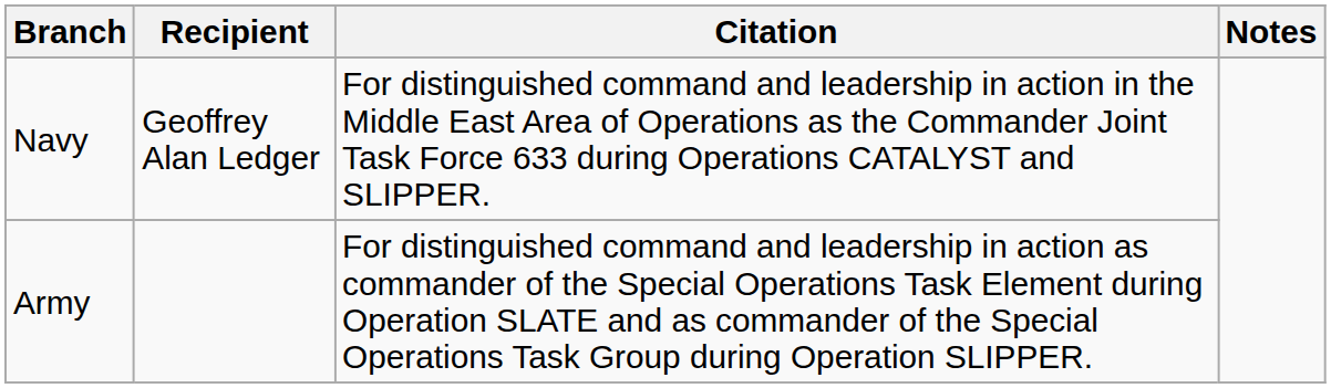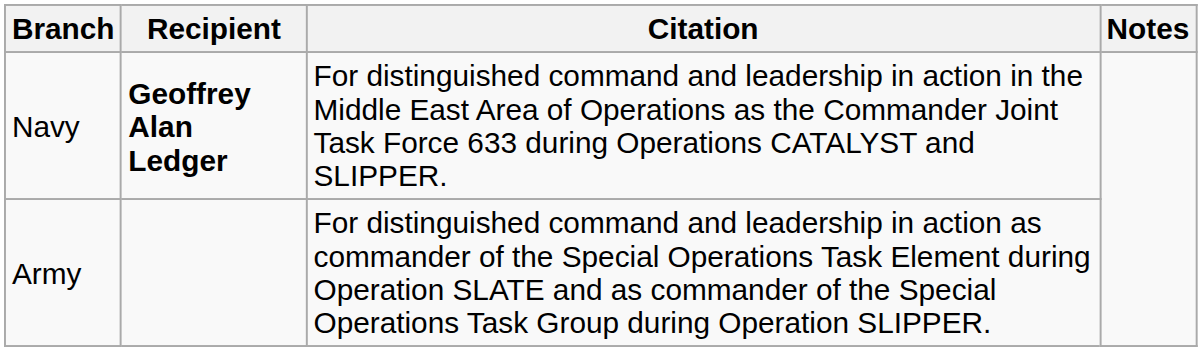 <table class="wikitable" style="font-size:95%;">
 <tr>
 <th>Branch</th>
 <th>Recipient</th>
 <th>Citation</th>
 <th>Notes</th>
 </tr>
 <tr>
 <td>Navy</td>
-<td> Geoffrey Alan Ledger </td>
+<td><strong> Geoffrey Alan Ledger </strong></td>
 <td>For distinguished command and leadership in action in the Middle East Area of Operations as the Commander Joint Task Force 633 during Operations CATALYST and SLIPPER.</td>
 <td rowspan=2></td>
 </tr>
 <tr>
 <td>Army</td>
 <td></td>
 <td>For distinguished command and leadership in action as commander of the Special Operations Task Element during Operation SLATE and as commander of the Special Operations Task Group during Operation SLIPPER.</td>
 </tr>
 </table>
